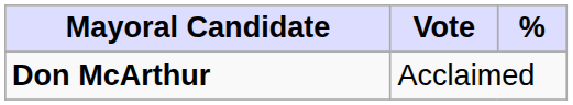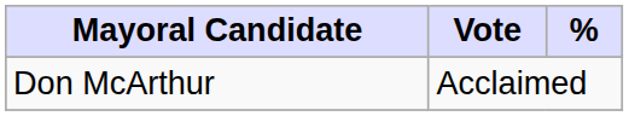 <table class="wikitable">
 <tr>
 <th style="background:#ddf; width:200px;">Mayoral Candidate</th>
 <th style="background:#ddf; width:50px;">Vote</th>
 <th style="background:#ddf; width:30px;">%</th>
 </tr>
 <tr>
-<td><strong>Don McArthur</strong></td>
+<td>Don McArthur</td>
 <td colspan="2">Acclaimed</td>
 </tr>
 </table>
